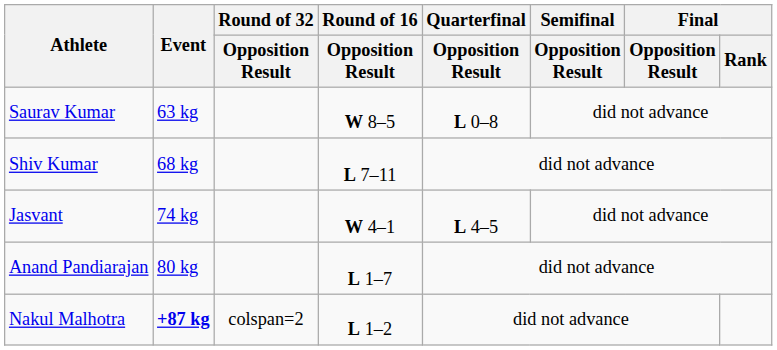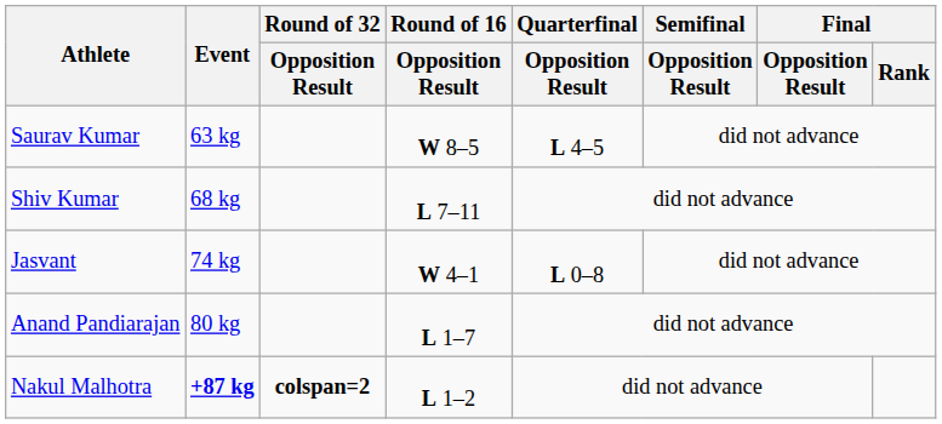 <table class=wikitable style="text-align:center; font-size:90%">
 <tr>
 <th rowspan=2>Athlete</th>
 <th rowspan=2>Event</th>
 <th>Round of 32</th>
 <th>Round of 16</th>
 <th>Quarterfinal</th>
 <th>Semifinal</th>
 <th colspan=2>Final</th>
 </tr>
 <tr>
 <th>Opposition<br>Result</th>
 <th>Opposition<br>Result</th>
 <th>Opposition<br>Result</th>
 <th>Opposition<br>Result</th>
 <th>Opposition<br>Result</th>
 <th>Rank</th>
 </tr>
 <tr>
 <td align=left><a href='#'>Saurav Kumar</a></td>
 <td align=left><a href='#'>63 kg</a></td>
 <td></td>
 <td><br><strong>W</strong> 8–5</td>
-<td><br><strong>L</strong> 0–8</td>
+<td><br><strong>L</strong> 4–5</td>
 <td colspan=3>did not advance</td>
 </tr>
 <tr>
 <td align=left><a href='#'>Shiv Kumar</a></td>
 <td align=left><a href='#'>68 kg</a></td>
 <td></td>
 <td><br><strong>L</strong> 7–11</td>
 <td colspan=4>did not advance</td>
 </tr>
 <tr>
 <td align=left><a href='#'>Jasvant</a></td>
 <td align=left><a href='#'>74 kg</a></td>
 <td></td>
 <td><br><strong>W</strong> 4–1</td>
-<td><br><strong>L</strong> 4–5</td>
+<td><br><strong>L</strong> 0–8</td>
 <td colspan=3>did not advance</td>
 </tr>
 <tr>
 <td align=left><a href='#'>Anand Pandiarajan</a></td>
 <td align=left><a href='#'>80 kg</a></td>
 <td></td>
 <td><br><strong>L</strong> 1–7</td>
 <td colspan=4>did not advance</td>
 </tr>
 <tr>
 <td align=left><a href='#'>Nakul Malhotra</a></td>
 <td align=left><strong><a href='#'>+87 kg</a></strong></td>
-<td>colspan=2 </td>
+<td><strong>colspan=2 </strong></td>
 <td><br><strong>L</strong> 1–2</td>
 <td colspan=3>did not advance</td>
 </tr>
 </table>
